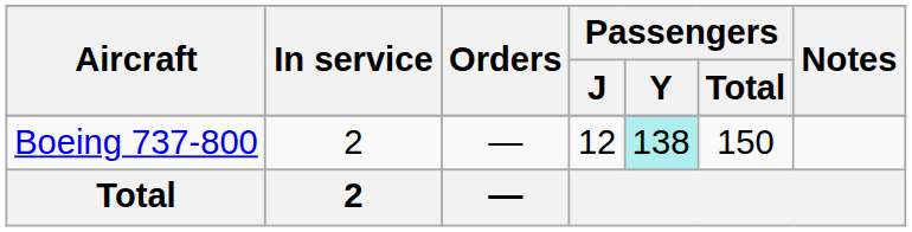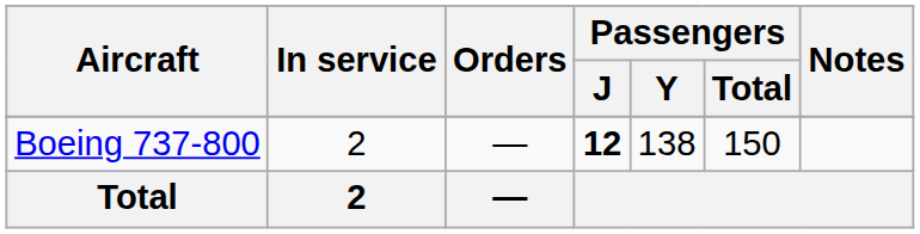 <table class="wikitable" style="border-collapse:collapse;text-align:center;margin:auto;">
 <tr>
 <th rowspan=2>Aircraft</th>
 <th rowspan=2>In service</th>
 <th rowspan=2>Orders</th>
 <th colspan=3>Passengers</th>
 <th rowspan=2>Notes</th>
 </tr>
 <tr>
 <th><abbr>J</abbr></th>
 <th><abbr>Y</abbr></th>
 <th>Total</th>
 </tr>
 <tr>
 </tr>
 <tr>
 <td><a href='#'>Boeing 737-800</a></td>
 <td>2</td>
 <td>—</td>
-<td>12</td>
-<td style="background: paleturquoise;">138</td>
+<td><strong>12</strong></td>
+<td>138</td>
 <td>150</td>
 <td></td>
 </tr>
 <tr>
 <th>Total</th>
 <th>2</th>
 <th>—</th>
 <th colspan=5></th>
 </tr>
 </table>
